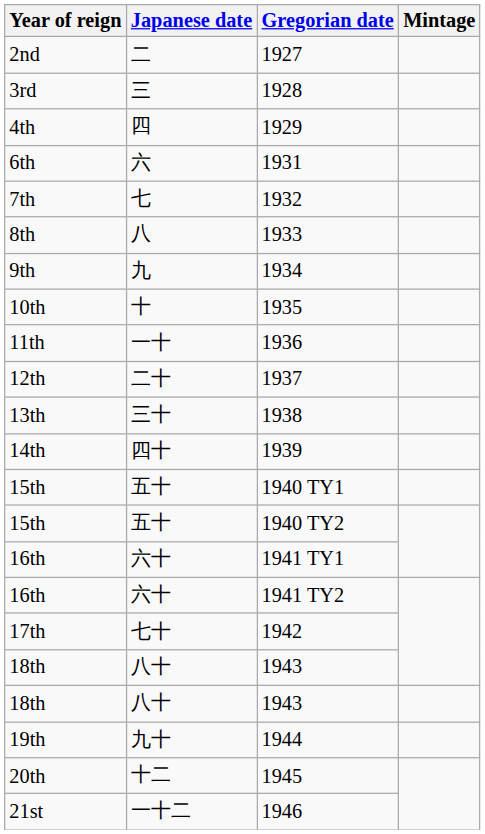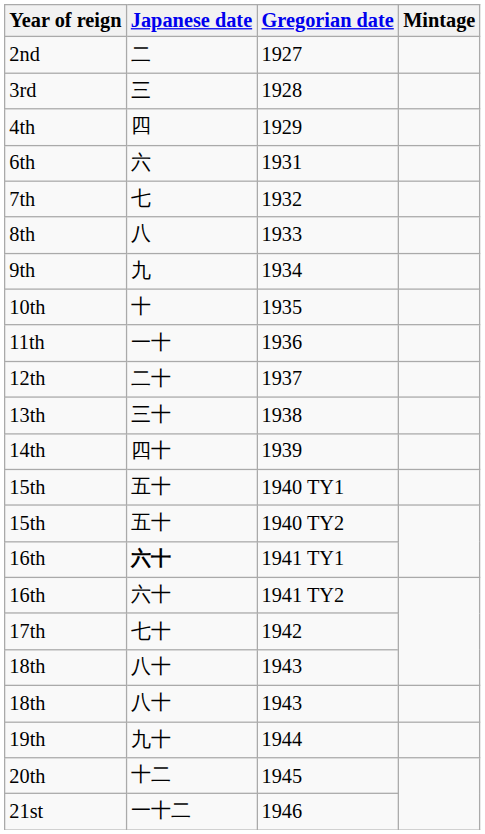 <table class="wikitable sortable">
 <tr>
 <th>Year of reign</th>
 <th class="unsortable"><a href='#'>Japanese date</a></th>
 <th><a href='#'>Gregorian date</a></th>
 <th>Mintage</th>
 </tr>
 <tr>
 <td>2nd</td>
 <td>二</td>
 <td>1927</td>
 <td></td>
 </tr>
 <tr>
 <td>3rd</td>
 <td>三</td>
 <td>1928</td>
 <td></td>
 </tr>
 <tr>
 <td>4th</td>
 <td>四</td>
 <td>1929</td>
 <td></td>
 </tr>
 <tr>
 <td>6th</td>
 <td>六</td>
 <td>1931</td>
 <td></td>
 </tr>
 <tr>
 <td>7th</td>
 <td>七</td>
 <td>1932</td>
 <td></td>
 </tr>
 <tr>
 <td>8th</td>
 <td>八</td>
 <td>1933</td>
 <td></td>
 </tr>
 <tr>
 <td>9th</td>
 <td>九</td>
 <td>1934</td>
 <td></td>
 </tr>
 <tr>
 <td>10th</td>
 <td>十</td>
 <td>1935</td>
 <td></td>
 </tr>
 <tr>
 <td>11th</td>
 <td>一十</td>
 <td>1936</td>
 <td></td>
 </tr>
 <tr>
 <td>12th</td>
 <td>二十</td>
 <td>1937</td>
 <td></td>
 </tr>
 <tr>
 <td>13th</td>
 <td>三十</td>
 <td>1938</td>
 <td></td>
 </tr>
 <tr>
 <td>14th</td>
 <td>四十</td>
 <td>1939</td>
 <td></td>
 </tr>
 <tr>
 <td>15th</td>
 <td>五十</td>
 <td>1940 TY1 </td>
 <td></td>
 </tr>
 <tr>
 <td>15th</td>
 <td>五十</td>
 <td>1940 TY2 </td>
 <td rowspan=2></td>
 </tr>
 <tr>
 <td>16th</td>
-<td>六十</td>
+<td><strong>六十</strong></td>
 <td>1941 TY1</td>
 </tr>
 <tr>
 <td>16th</td>
 <td>六十</td>
 <td>1941 TY2</td>
 <td rowspan=3></td>
 </tr>
 <tr>
 <td>17th</td>
 <td>七十</td>
 <td>1942</td>
 </tr>
 <tr>
 <td>18th</td>
 <td>八十</td>
 <td>1943</td>
 </tr>
 <tr>
 <td>18th</td>
 <td>八十</td>
 <td>1943 </td>
 <td></td>
 </tr>
 <tr>
 <td>19th</td>
 <td>九十</td>
 <td>1944</td>
 <td></td>
 </tr>
 <tr>
 <td>20th</td>
 <td>十二</td>
 <td>1945</td>
 <td rowspan=2></td>
 </tr>
 <tr>
 <td>21st</td>
 <td>一十二</td>
 <td>1946</td>
 </tr>
 </table>
